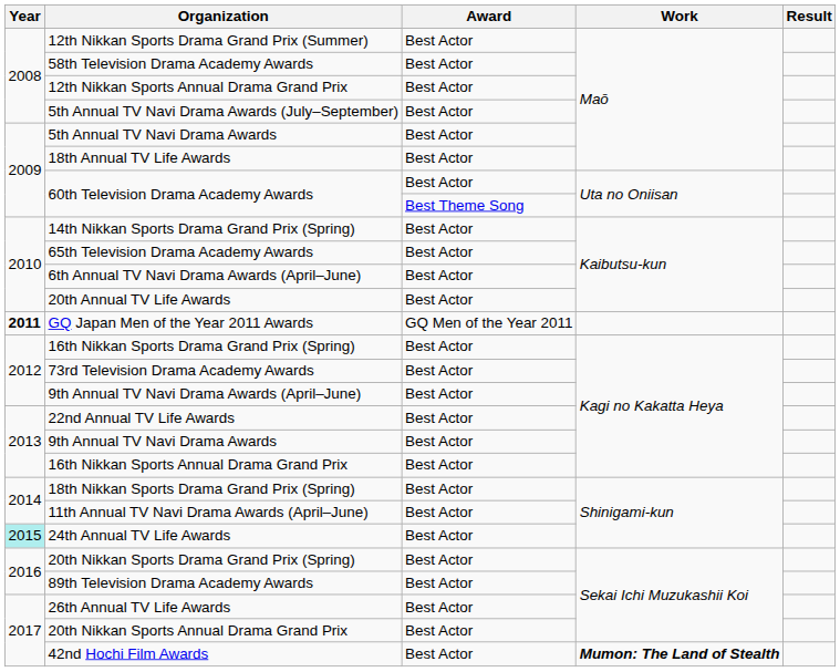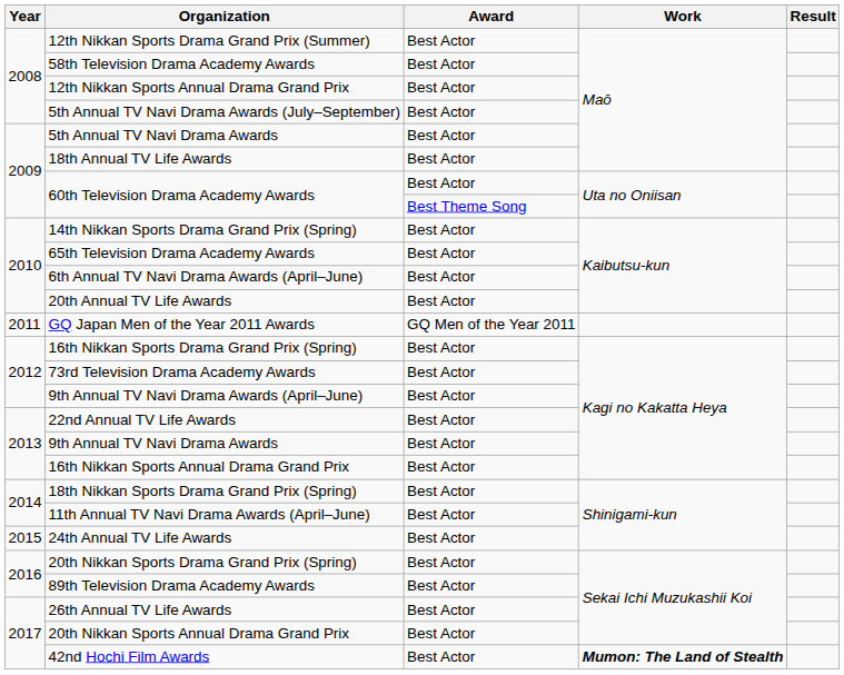 <table class="wikitable">
 <tr>
 <th>Year</th>
 <th>Organization</th>
 <th>Award</th>
 <th>Work</th>
 <th>Result</th>
 </tr>
 <tr>
 <td rowspan="4">2008</td>
 <td>12th Nikkan Sports Drama Grand Prix (Summer)</td>
 <td>Best Actor</td>
 <td rowspan="6"><em>Maō</em></td>
 <td></td>
 </tr>
 <tr>
 <td>58th Television Drama Academy Awards</td>
 <td>Best Actor</td>
 <td></td>
 </tr>
 <tr>
 <td>12th Nikkan Sports Annual Drama Grand Prix</td>
 <td>Best Actor</td>
 <td></td>
 </tr>
 <tr>
 <td>5th Annual TV Navi Drama Awards (July–September)</td>
 <td>Best Actor</td>
 <td></td>
 </tr>
 <tr>
 <td rowspan="4">2009</td>
 <td>5th Annual TV Navi Drama Awards</td>
 <td>Best Actor</td>
 <td></td>
 </tr>
 <tr>
 <td>18th Annual TV Life Awards</td>
 <td>Best Actor</td>
 <td></td>
 </tr>
 <tr>
 <td rowspan="2">60th Television Drama Academy Awards</td>
 <td>Best Actor</td>
 <td rowspan="2"><em>Uta no Oniisan</em></td>
 <td></td>
 </tr>
 <tr>
 <td><a href='#'>Best Theme Song</a></td>
 <td></td>
 </tr>
 <tr>
 <td rowspan="4">2010</td>
 <td>14th Nikkan Sports Drama Grand Prix (Spring)</td>
 <td>Best Actor</td>
 <td rowspan="4"><em>Kaibutsu-kun</em></td>
 <td></td>
 </tr>
 <tr>
 <td>65th Television Drama Academy Awards</td>
 <td>Best Actor</td>
 <td></td>
 </tr>
 <tr>
 <td>6th Annual TV Navi Drama Awards (April–June)</td>
 <td>Best Actor</td>
 <td></td>
 </tr>
 <tr>
 <td>20th Annual TV Life Awards</td>
 <td>Best Actor</td>
 <td></td>
 </tr>
 <tr>
-<td><strong>2011</strong></td>
+<td>2011</td>
 <td><a href='#'>GQ</a> Japan Men of the Year 2011 Awards</td>
 <td>GQ Men of the Year 2011</td>
 <td></td>
 <td></td>
 </tr>
 <tr>
 <td rowspan="3">2012</td>
 <td>16th Nikkan Sports Drama Grand Prix (Spring)</td>
 <td>Best Actor</td>
 <td rowspan="6"><em>Kagi no Kakatta Heya</em></td>
 <td></td>
 </tr>
 <tr>
 <td>73rd Television Drama Academy Awards</td>
 <td>Best Actor</td>
 <td></td>
 </tr>
 <tr>
 <td>9th Annual TV Navi Drama Awards (April–June)</td>
 <td>Best Actor</td>
 <td></td>
 </tr>
 <tr>
 <td rowspan="3">2013</td>
 <td>22nd Annual TV Life Awards</td>
 <td>Best Actor</td>
 <td></td>
 </tr>
 <tr>
 <td>9th Annual TV Navi Drama Awards</td>
 <td>Best Actor</td>
 <td></td>
 </tr>
 <tr>
 <td>16th Nikkan Sports Annual Drama Grand Prix</td>
 <td>Best Actor</td>
 <td></td>
 </tr>
 <tr>
 <td rowspan="2">2014</td>
 <td>18th Nikkan Sports Drama Grand Prix (Spring)</td>
 <td>Best Actor</td>
 <td rowspan="3"><em>Shinigami-kun</em></td>
 <td></td>
 </tr>
 <tr>
 <td>11th Annual TV Navi Drama Awards (April–June)</td>
 <td>Best Actor</td>
 <td></td>
 </tr>
 <tr>
-<td rowspan="1" style="background: paleturquoise;">2015</td>
+<td rowspan="1">2015</td>
 <td>24th Annual TV Life Awards</td>
 <td>Best Actor</td>
 <td></td>
 </tr>
 <tr>
 <td rowspan="2">2016</td>
 <td>20th Nikkan Sports Drama Grand Prix (Spring)</td>
 <td>Best Actor</td>
 <td rowspan="4"><em>Sekai Ichi Muzukashii Koi</em></td>
 <td></td>
 </tr>
 <tr>
 <td>89th Television Drama Academy Awards</td>
 <td>Best Actor</td>
 <td></td>
 </tr>
 <tr>
 <td rowspan="3">2017</td>
 <td>26th Annual TV Life Awards</td>
 <td>Best Actor</td>
 <td></td>
 </tr>
 <tr>
 <td>20th Nikkan Sports Annual Drama Grand Prix</td>
 <td>Best Actor</td>
 <td></td>
 </tr>
 <tr>
 <td>42nd <a href='#'>Hochi Film Awards</a></td>
 <td>Best Actor</td>
 <td><strong><em>Mumon: The Land of Stealth</em></strong></td>
 <td></td>
 </tr>
 </table>
